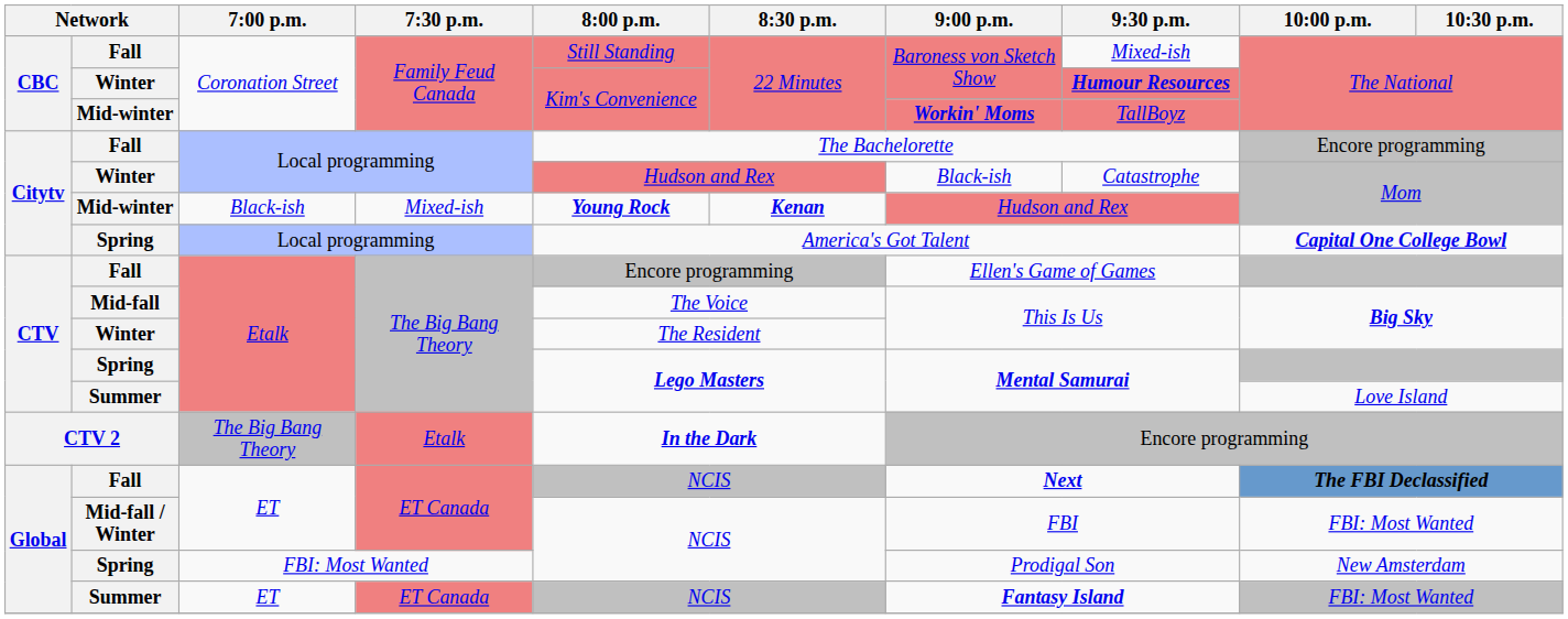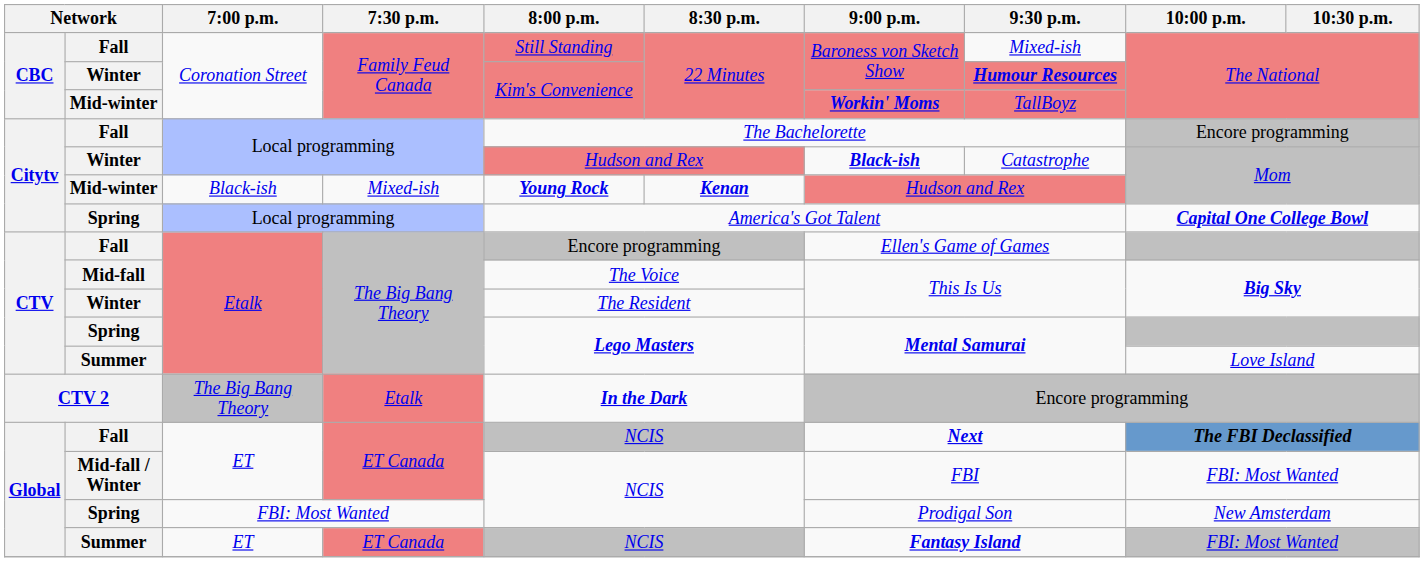 <table class=wikitable style=width:100%;margin-right:0;text-align:center>
 <tr>
 <th style=width:10% colspan=2>Network</th>
 <th style=width:11.5%>7:00 p.m.</th>
 <th style=width:11.5%>7:30 p.m.</th>
 <th style=width:11.5%>8:00 p.m.</th>
 <th style=width:11.5%>8:30 p.m.</th>
 <th style=width:11.5%>9:00 p.m.</th>
 <th style=width:11.5%>9:30 p.m.</th>
 <th style=width:11.5%>10:00 p.m.</th>
 <th style=width:11.5%>10:30 p.m.</th>
 </tr>
 <tr>
 <th rowspan=3><a href='#'>CBC</a></th>
 <th>Fall</th>
 <td rowspan=3><em><a href='#'>Coronation Street</a></em></td>
 <td style=background:#f08080 rowspan=3><em><a href='#'>Family Feud Canada</a></em></td>
 <td style=background:#f08080><em><a href='#'>Still Standing</a></em></td>
 <td style=background:#f08080 rowspan=3><em><a href='#'>22 Minutes</a></em></td>
 <td style=background:#f08080 rowspan=2><em><a href='#'>Baroness von Sketch Show</a></em></td>
 <td><em><a href='#'>Mixed-ish</a></em></td>
 <td style=background:#f08080 colspan=2 rowspan=3><em><a href='#'>The National</a></em></td>
 </tr>
 <tr>
 <th>Winter</th>
 <td style=background:#f08080 rowspan=2><em><a href='#'>Kim's Convenience</a></em></td>
 <td style=background:#f08080><strong><em><a href='#'>Humour Resources</a></em></strong></td>
 </tr>
 <tr>
 <th>Mid-winter</th>
 <td style=background:#f08080><strong><em><a href='#'>Workin' Moms</a></em></strong></td>
 <td style=background:#f08080><em><a href='#'>TallBoyz</a></em></td>
 </tr>
 <tr>
 <th rowspan="4"><a href='#'>Citytv</a></th>
 <th>Fall</th>
 <td style=background:#abbfff rowspan="2" colspan="2">Local programming</td>
 <td colspan="4"><em><a href='#'>The Bachelorette</a></em></td>
 <td colspan="2" style=background:#C0C0C0>Encore programming</td>
 </tr>
 <tr>
 <th>Winter</th>
 <td style=background:#f08080 colspan="2"><em><a href='#'>Hudson and Rex</a></em></td>
-<td><em><a href='#'>Black-ish</a></em></td>
+<td><strong><em><a href='#'>Black-ish</a></em></strong></td>
 <td><em><a href='#'>Catastrophe</a></em></td>
 <td colspan="2" rowspan="2" style="background:#C0C0C0"><em><a href='#'>Mom</a></em> </td>
 </tr>
 <tr>
 <th>Mid-winter</th>
 <td><em><a href='#'>Black-ish</a></em></td>
 <td><em><a href='#'>Mixed-ish</a></em></td>
 <td><strong><em><a href='#'>Young Rock</a></em></strong></td>
 <td><strong><em><a href='#'>Kenan</a></em></strong></td>
 <td style=background:#f08080 colspan="2"><em><a href='#'>Hudson and Rex</a></em></td>
 </tr>
 <tr>
 <th>Spring</th>
 <td style=background:#abbfff colspan="2">Local programming</td>
 <td colspan="4"><em><a href='#'>America's Got Talent</a></em></td>
 <td colspan="2"><strong><em><a href='#'>Capital One College Bowl</a></em></strong></td>
 </tr>
 <tr>
 <th rowspan="5"><a href='#'>CTV</a></th>
 <th>Fall</th>
 <td style=background:#f08080 rowspan="5"><em><a href='#'>Etalk</a></em></td>
 <td style=background:#C0C0C0 rowspan="5"><em><a href='#'>The Big Bang Theory</a></em> </td>
 <td colspan="2" style=background:#C0C0C0>Encore programming</td>
 <td colspan="2"><em><a href='#'>Ellen's Game of Games</a></em></td>
 <td style=background:#C0C0C0 colspan="2"> </td>
 </tr>
 <tr>
 <th>Mid-fall</th>
 <td colspan="2"><em><a href='#'>The Voice</a></em></td>
 <td rowspan="2" colspan="2"><em><a href='#'>This Is Us</a></em></td>
 <td rowspan="2" colspan="2"><strong><em><a href='#'>Big Sky</a></em></strong></td>
 </tr>
 <tr>
 <th>Winter</th>
 <td colspan="2"><em><a href='#'>The Resident</a></em></td>
 </tr>
 <tr>
 <th>Spring</th>
 <td rowspan="2" colspan="2"><strong><em><a href='#'>Lego Masters</a></em></strong></td>
 <td rowspan="2" colspan="2"><strong><em><a href='#'>Mental Samurai</a></em></strong></td>
 <td style=background:#C0C0C0 colspan="2"> </td>
 </tr>
 <tr>
 <th>Summer</th>
 <td colspan="2"><em><a href='#'>Love Island</a></em></td>
 </tr>
 <tr>
 <th colspan="2"><a href='#'>CTV 2</a></th>
 <td style=background:#C0C0C0><em><a href='#'>The Big Bang Theory</a></em> </td>
 <td style=background:#f08080><em><a href='#'>Etalk</a></em></td>
 <td colspan="2"><strong><em><a href='#'>In the Dark</a></em></strong></td>
 <td colspan="4" style=background:#C0C0C0>Encore programming</td>
 </tr>
 <tr>
 <th rowspan=4><a href='#'>Global</a></th>
 <th>Fall</th>
 <td rowspan=2><em><a href='#'>ET</a></em></td>
 <td style=background:#f08080 rowspan=2><em><a href='#'>ET Canada</a></em></td>
 <td style=background:#C0C0C0 colspan=2><em><a href='#'>NCIS</a></em> </td>
 <td colspan=2><strong><em><a href='#'>Next</a></em></strong></td>
 <td style=background:#6699CC colspan=2><strong><em>The FBI Declassified</em></strong></td>
 </tr>
 <tr>
 <th>Mid-fall / Winter</th>
 <td rowspan=2 colspan=2><em><a href='#'>NCIS</a></em></td>
 <td colspan=2><em><a href='#'>FBI</a></em></td>
 <td colspan=2><em><a href='#'>FBI: Most Wanted</a></em></td>
 </tr>
 <tr>
 <th>Spring</th>
 <td colspan=2><em><a href='#'>FBI: Most Wanted</a></em></td>
 <td colspan=2><em><a href='#'>Prodigal Son</a></em></td>
 <td colspan=2><em><a href='#'>New Amsterdam</a></em></td>
 </tr>
 <tr>
 <th>Summer</th>
 <td><em><a href='#'>ET</a></em></td>
 <td style=background:#f08080><em><a href='#'>ET Canada</a></em></td>
 <td style=background:#C0C0C0 colspan=2><em><a href='#'>NCIS</a></em> </td>
 <td colspan=2><strong><em><a href='#'>Fantasy Island</a></em></strong></td>
 <td style=background:#C0C0C0 colspan=2><em><a href='#'>FBI: Most Wanted</a></em> </td>
 </tr>
 <tr>
 </tr>
 </table>
